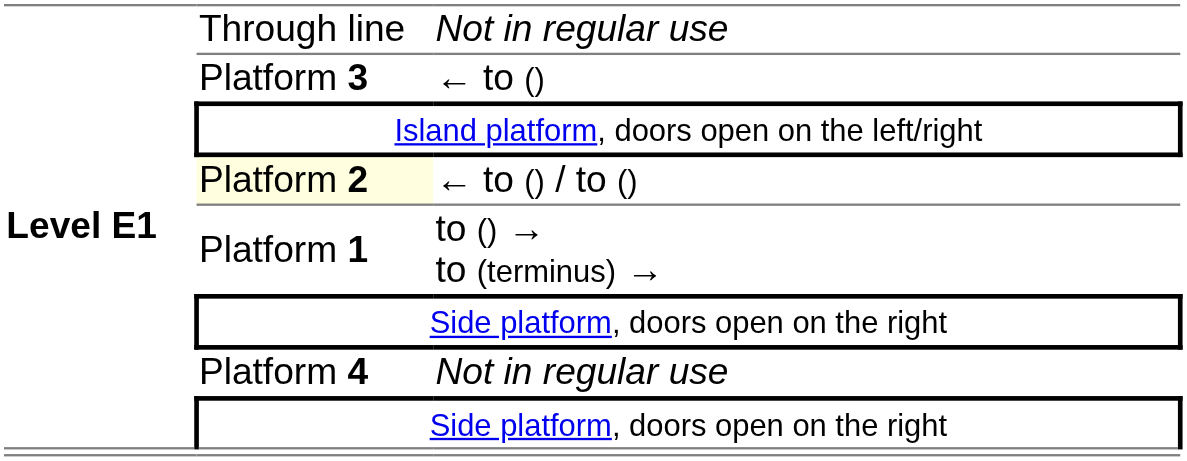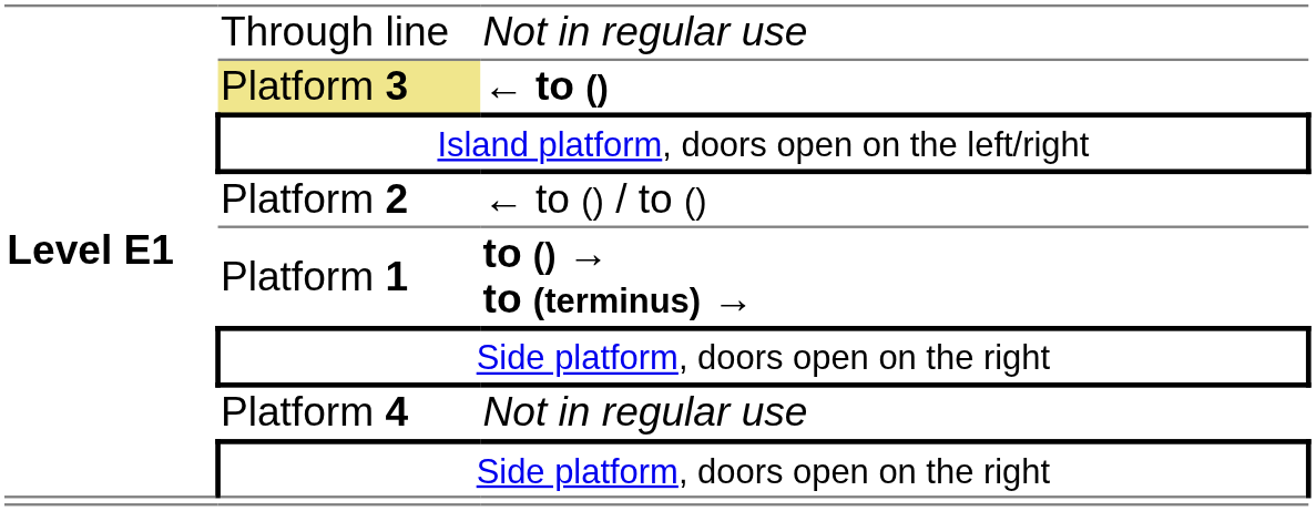 <table style="border-collapse:collapse">
 <tr style="border-top:1px solid grey">
 <td rowspan=8 style="width:80px"><strong>Level E1</strong></td>
 <td style="width:100px">Through line</td>
 <td style="width:320px"> <em>Not in regular use</em></td>
 </tr>
 <tr style="border-top:1px solid grey">
-<td>Platform <strong>3</strong></td>
-<td>←  to  <small>()</small></td>
+<td style="background: khaki;">Platform <strong>3</strong></td>
+<td><strong>←  to  <small>()</small></strong></td>
 </tr>
 <tr>
 <td colspan=2 style="border:2px solid;text-align:center"><small><a href='#'>Island platform</a>, doors open on the left/right</small></td>
 </tr>
 <tr>
-<td style="background: lightyellow;">Platform <strong>2</strong></td>
+<td>Platform <strong>2</strong></td>
 <td>←  to  <small>()</small> /  to  <small>()</small></td>
 </tr>
 <tr style="border-top:1px solid grey">
 <td>Platform <strong>1</strong></td>
-<td>   to  <small>()</small> →<br>  to  <small>(terminus)</small> →</td>
+<td><strong>   to  <small>()</small> →<br>  to  <small>(terminus)</small> →</strong></td>
 </tr>
 <tr>
 <td colspan=2 style="border:2px solid;text-align:center"><small><a href='#'>Side platform</a>, doors open on the right</small></td>
 </tr>
 <tr>
 <td style="width:100px">Platform <strong>4</strong></td>
 <td style="width:320px"> <em>Not in regular use</em></td>
 </tr>
 <tr>
 <td colspan=2 style="border:solid;border-width:2px 2px 0;text-align:center"><small><a href='#'>Side platform</a>, doors open on the right</small></td>
 </tr>
 <tr style="border:solid grey;border-width:1px 0">
 <td><strong></strong></td>
 <td></td>
 <td></td>
 </tr>
 </table>
